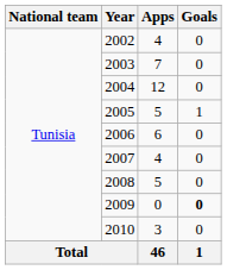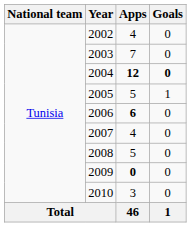 <table class="wikitable" style="text-align:center">
 <tr>
 <th>National team</th>
 <th>Year</th>
 <th>Apps</th>
 <th>Goals</th>
 </tr>
 <tr>
 <td rowspan="9"><a href='#'>Tunisia</a></td>
 <td>2002</td>
 <td>4</td>
 <td>0</td>
 </tr>
 <tr>
 <td>2003</td>
 <td>7</td>
 <td>0</td>
 </tr>
 <tr>
 <td>2004</td>
-<td>12</td>
-<td>0</td>
+<td><strong>12</strong></td>
+<td><strong>0</strong></td>
 </tr>
 <tr>
 <td>2005</td>
 <td>5</td>
 <td>1</td>
 </tr>
 <tr>
 <td>2006</td>
-<td>6</td>
+<td><strong>6</strong></td>
 <td>0</td>
 </tr>
 <tr>
 <td>2007</td>
 <td>4</td>
 <td>0</td>
 </tr>
 <tr>
 <td>2008</td>
 <td>5</td>
 <td>0</td>
 </tr>
 <tr>
 <td>2009</td>
+<td><strong>0</strong></td>
 <td>0</td>
-<td><strong>0</strong></td>
 </tr>
 <tr>
 <td>2010</td>
 <td>3</td>
 <td>0</td>
 </tr>
 <tr>
 <th colspan="2">Total</th>
 <th>46</th>
 <th>1</th>
 </tr>
 </table>
